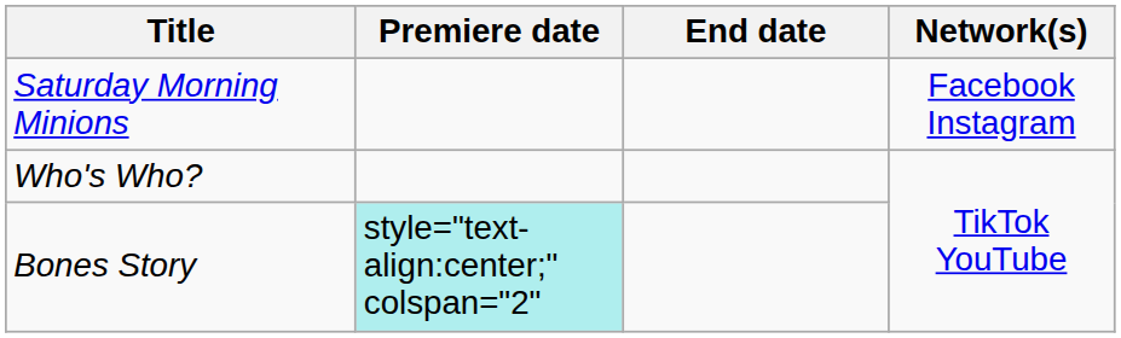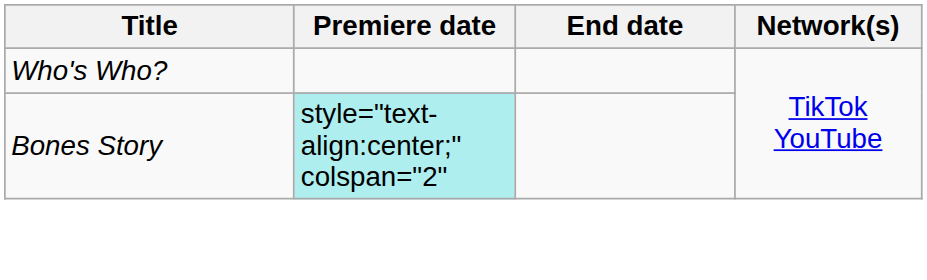 <table class="wikitable sortable">
 <tr>
 <th width=160>Title</th>
 <th width=120>Premiere date</th>
 <th width=120>End date</th>
 <th width=100>Network(s)</th>
-</tr>
-<tr>
-<td style="text-align:left;"><em><a href='#'>Saturday Morning Minions</a></em></td>
-<td style="text-align:center;"></td>
-<td style="text-align:center;"></td>
-<td style="text-align:center;"><a href='#'>Facebook</a><br><a href='#'>Instagram</a></td>
 </tr>
 <tr>
 <td style="text-align:left;"><em>Who's Who?</em></td>
 <td style="text-align:center;"></td>
 <td style="text-align:center;"></td>
 <td style="text-align:center;" rowspan="2"><a href='#'>TikTok</a><br><a href='#'>YouTube</a></td>
 </tr>
 <tr>
 <td style="text-align:left;"><em>Bones Story</em></td>
 <td style="background: paleturquoise;">style="text-align:center;" colspan="2" </td>
 </tr>
 </table>
